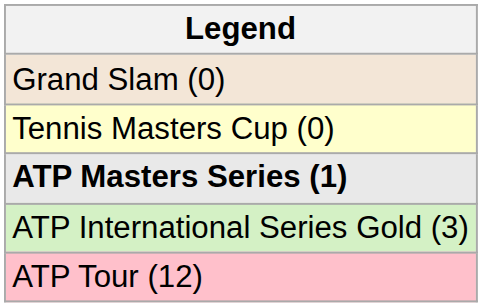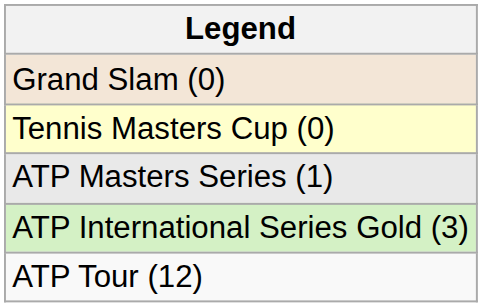 <table class="wikitable">
 <tr>
 <th>Legend</th>
 </tr>
 <tr bgcolor="#f3e6d7">
 <td>Grand Slam (0)</td>
 </tr>
 <tr bgcolor="ffffcc">
 <td>Tennis Masters Cup (0)</td>
 </tr>
 <tr bgcolor="#e9e9e9">
-<td><strong>ATP Masters Series (1)</strong></td>
+<td>ATP Masters Series (1)</td>
 </tr>
 <tr bgcolor="#d4f1c5">
 <td>ATP International Series Gold (3)</td>
 </tr>
 <tr>
-<td style="background: pink;">ATP Tour (12)</td>
+<td>ATP Tour (12)</td>
 </tr>
 </table>
